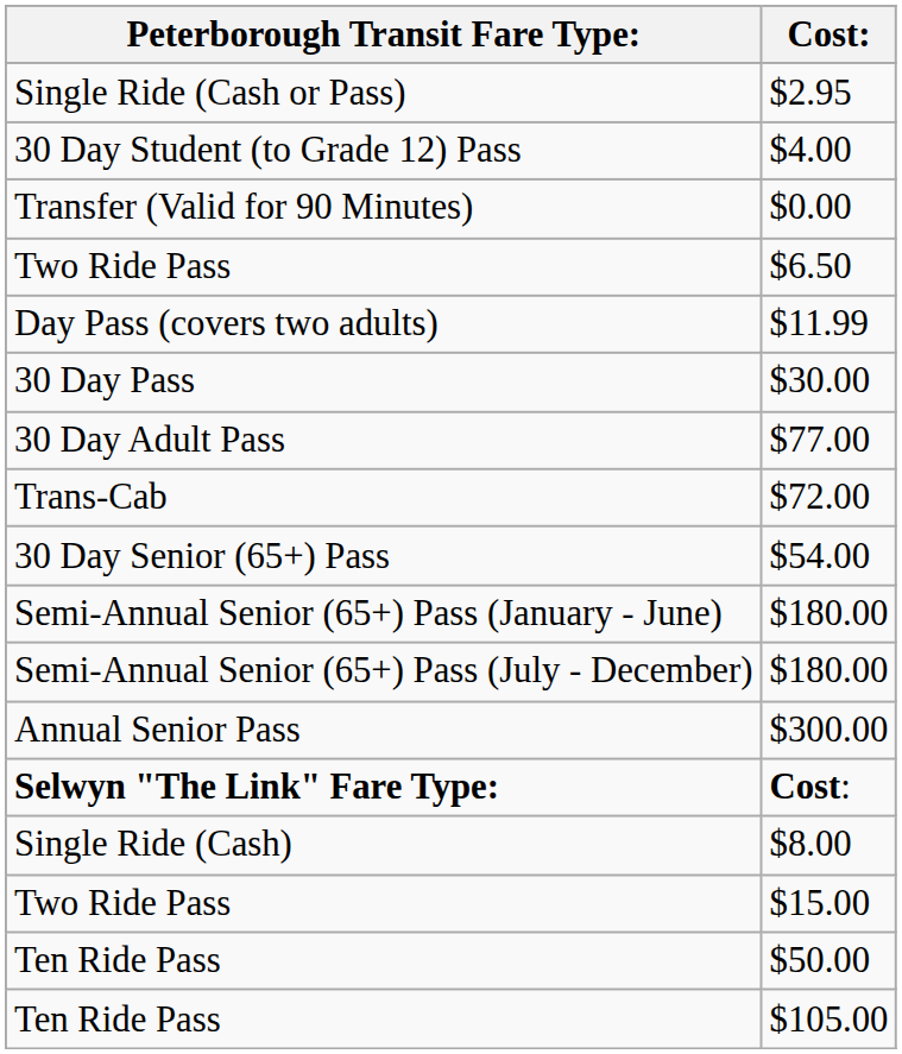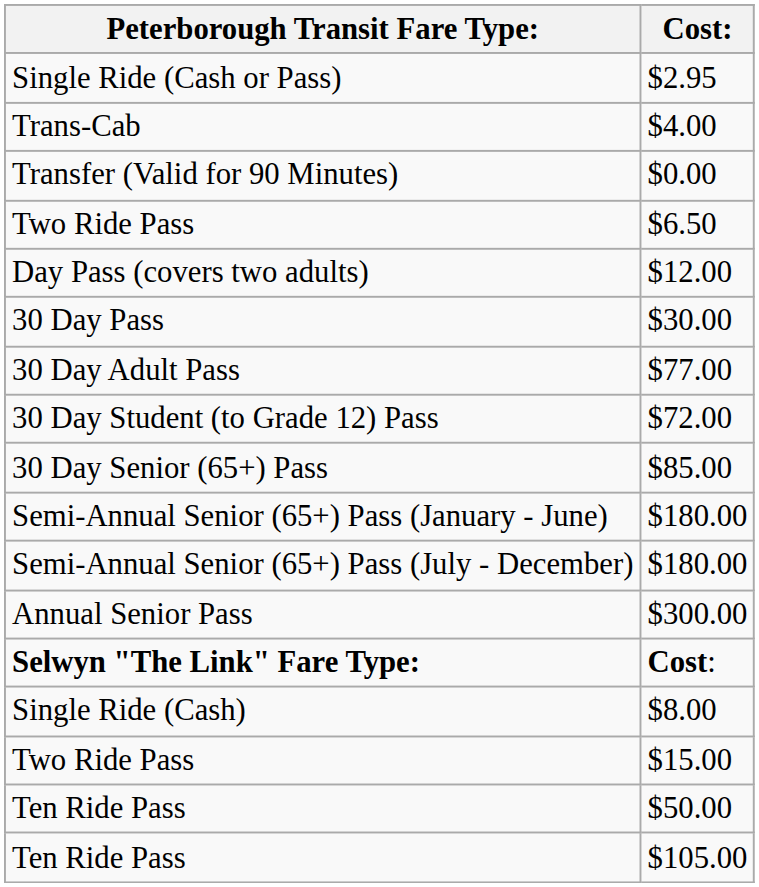 <table class="wikitable">
 <tr>
 <th>Peterborough Transit Fare Type:</th>
 <th>Cost:</th>
 </tr>
 <tr>
 <td>Single Ride (Cash or Pass)</td>
 <td>$2.95</td>
 </tr>
 <tr>
-<td>30 Day Student (to Grade 12) Pass</td>
+<td>Trans-Cab</td>
 <td>$4.00</td>
 </tr>
 <tr>
 <td>Transfer (Valid for 90 Minutes)</td>
 <td>$0.00</td>
 </tr>
 <tr>
 <td>Two Ride Pass</td>
 <td>$6.50</td>
 </tr>
 <tr>
 <td>Day Pass (covers two adults)</td>
-<td>$11.99</td>
+<td>$12.00</td>
 </tr>
 <tr>
 <td>30 Day Pass</td>
 <td>$30.00</td>
 </tr>
 <tr>
 <td>30 Day Adult Pass</td>
 <td>$77.00</td>
 </tr>
 <tr>
-<td>Trans-Cab</td>
+<td>30 Day Student (to Grade 12) Pass</td>
 <td>$72.00</td>
 </tr>
 <tr>
 <td>30 Day Senior (65+) Pass</td>
-<td>$54.00</td>
+<td>$85.00</td>
 </tr>
 <tr>
 <td>Semi-Annual Senior (65+) Pass (January - June)</td>
 <td>$180.00</td>
 </tr>
 <tr>
 <td>Semi-Annual Senior (65+) Pass (July - December)</td>
 <td>$180.00</td>
 </tr>
 <tr>
 <td>Annual Senior Pass</td>
 <td>$300.00</td>
 </tr>
 <tr>
 <td><strong>Selwyn "The Link" Fare Type:</strong></td>
 <td><strong>Cost</strong>:</td>
 </tr>
 <tr>
 <td>Single Ride (Cash)</td>
 <td>$8.00</td>
 </tr>
 <tr>
 <td>Two Ride Pass</td>
 <td>$15.00</td>
 </tr>
 <tr>
 <td>Ten Ride Pass</td>
 <td>$50.00</td>
 </tr>
 <tr>
 <td>Ten Ride Pass</td>
 <td>$105.00</td>
 </tr>
 </table>
